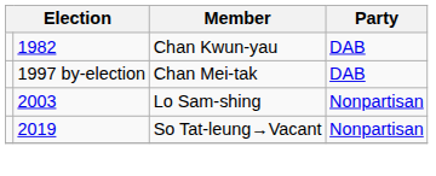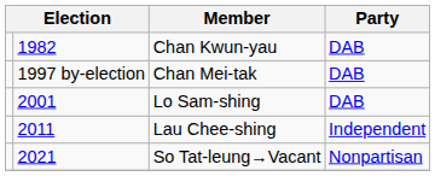 <table class="wikitable">
 <tr>
 <th colspan="2">Election</th>
 <th>Member</th>
 <th>Party</th>
 </tr>
 <tr>
 <td style="color:inherit;background:"></td>
 <td><a href='#'>1982</a></td>
 <td>Chan Kwun-yau</td>
 <td><a href='#'>DAB</a></td>
 </tr>
 <tr>
 <td style="color:inherit;background:"></td>
 <td>1997 by-election</td>
 <td>Chan Mei-tak</td>
 <td><a href='#'>DAB</a></td>
 </tr>
 <tr>
 <td style="color:inherit;background:"></td>
-<td><a href='#'>2003</a></td>
+<td><a href='#'>2001</a></td>
 <td>Lo Sam-shing</td>
-<td><a href='#'>Nonpartisan</a></td>
+<td><a href='#'>DAB</a></td>
 </tr>
 <tr>
 <td style="color:inherit;background:"></td>
-<td><a href='#'>2019</a></td>
+<td><a href='#'>2011</a></td>
+<td>Lau Chee-shing</td>
+<td><a href='#'>Independent</a></td>
+</tr>
+<tr>
+<td style="color:inherit;background:"></td>
+<td><a href='#'>2021</a></td>
 <td>So Tat-leung→Vacant</td>
 <td><a href='#'>Nonpartisan</a></td>
 </tr>
 <tr>
 </tr>
 </table>
